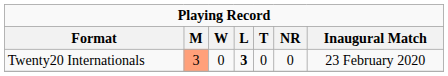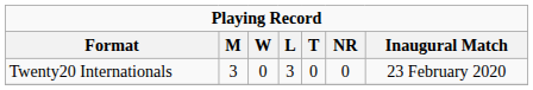 <table class="wikitable" style="text-align: center; width: 500px;">
 <tr>
 <td colspan=7 align="center"><strong>Playing Record</strong></td>
 </tr>
 <tr>
 <th>Format</th>
 <th>M</th>
 <th>W</th>
 <th>L</th>
 <th>T</th>
 <th>NR</th>
 <th>Inaugural Match</th>
 </tr>
 <tr>
 <td align="left">Twenty20 Internationals</td>
-<td style="background: lightsalmon;">3</td>
+<td>3</td>
 <td>0</td>
-<td><strong>3</strong></td>
+<td>3</td>
 <td>0</td>
 <td>0</td>
 <td>23 February 2020</td>
 </tr>
 <tr>
 </tr>
 </table>
